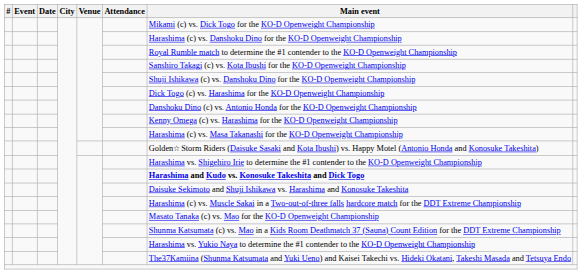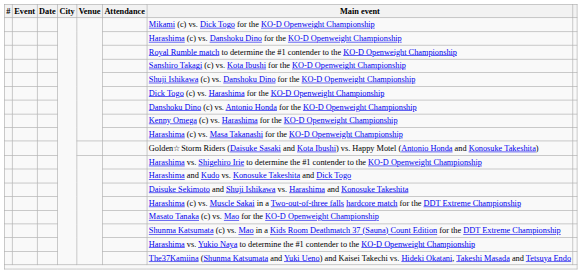 <table class="mw-datatable wikitable sortable succession-box" style="font-size:85%;">
 <tr>
 <th>#</th>
 <th>Event</th>
 <th>Date</th>
 <th>City</th>
 <th>Venue</th>
 <th>Attendance</th>
 <th class="unsortable">Main event</th>
 <th class="unsortable"></th>
 </tr>
 <tr>
 <td></td>
 <td style="white-space:nowrap;"></td>
 <td style="white-space:nowrap;"></td>
 <td style="white-space:nowrap;" rowspan=18></td>
 <td rowspan=9></td>
 <td></td>
 <td align="left"><a href='#'>Mikami</a> (c) vs. <a href='#'>Dick Togo</a> for the <a href='#'>KO-D Openweight Championship</a></td>
 <td></td>
 </tr>
 <tr>
 <td></td>
 <td></td>
 <td></td>
 <td></td>
 <td align="left"><a href='#'>Harashima</a> (c) vs. <a href='#'>Danshoku Dino</a> for the <a href='#'>KO-D Openweight Championship</a></td>
 <td></td>
 </tr>
 <tr>
 <td></td>
 <td></td>
 <td></td>
 <td></td>
 <td align="left"><a href='#'>Royal Rumble match</a> to determine the #1 contender to the <a href='#'>KO-D Openweight Championship</a></td>
 <td></td>
 </tr>
 <tr>
 <td></td>
 <td></td>
 <td></td>
 <td></td>
 <td align="left"><a href='#'>Sanshiro Takagi</a> (c) vs. <a href='#'>Kota Ibushi</a> for the <a href='#'>KO-D Openweight Championship</a></td>
 <td></td>
 </tr>
 <tr>
 <td></td>
 <td></td>
 <td></td>
 <td></td>
 <td align="left"><a href='#'>Shuji Ishikawa</a> (c) vs. <a href='#'>Danshoku Dino</a> for the <a href='#'>KO-D Openweight Championship</a></td>
 <td></td>
 </tr>
 <tr>
 <td></td>
 <td></td>
 <td></td>
 <td></td>
 <td align="left"><a href='#'>Dick Togo</a> (c) vs. <a href='#'>Harashima</a> for the <a href='#'>KO-D Openweight Championship</a></td>
 <td></td>
 </tr>
 <tr>
 <td></td>
 <td></td>
 <td></td>
 <td></td>
 <td align="left"><a href='#'>Danshoku Dino</a> (c) vs. <a href='#'>Antonio Honda</a> for the <a href='#'>KO-D Openweight Championship</a></td>
 <td></td>
 </tr>
 <tr>
 <td></td>
 <td></td>
 <td></td>
 <td></td>
 <td align="left"><a href='#'>Kenny Omega</a> (c) vs. <a href='#'>Harashima</a> for the <a href='#'>KO-D Openweight Championship</a></td>
 <td></td>
 </tr>
 <tr>
 <td></td>
 <td></td>
 <td></td>
 <td></td>
 <td align="left"><a href='#'>Harashima</a> (c) vs. <a href='#'>Masa Takanashi</a> for the <a href='#'>KO-D Openweight Championship</a></td>
 <td></td>
 </tr>
 <tr>
 <td></td>
 <td></td>
 <td></td>
 <td style="white-space:nowrap;"></td>
 <td></td>
 <td align="left">Golden☆Storm Riders (<a href='#'>Daisuke Sasaki</a> and <a href='#'>Kota Ibushi</a>) vs. Happy Motel (<a href='#'>Antonio Honda</a> and <a href='#'>Konosuke Takeshita</a>)</td>
 <td></td>
 </tr>
 <tr>
 <td></td>
 <td></td>
 <td></td>
 <td rowspan=8></td>
 <td></td>
 <td align="left"><a href='#'>Harashima</a> vs. <a href='#'>Shigehiro Irie</a> to determine the #1 contender to the <a href='#'>KO-D Openweight Championship</a></td>
 <td></td>
 </tr>
 <tr>
 <td></td>
 <td></td>
 <td></td>
 <td></td>
-<td align="left"><strong><a href='#'>Harashima</a> and <a href='#'>Kudo</a> vs. <a href='#'>Konosuke Takeshita</a> and <a href='#'>Dick Togo</a></strong></td>
+<td align="left"><a href='#'>Harashima</a> and <a href='#'>Kudo</a> vs. <a href='#'>Konosuke Takeshita</a> and <a href='#'>Dick Togo</a></td>
 <td></td>
 </tr>
 <tr>
 <td></td>
 <td></td>
 <td></td>
 <td></td>
 <td align="left"><a href='#'>Daisuke Sekimoto</a> and <a href='#'>Shuji Ishikawa</a> vs. <a href='#'>Harashima</a> and <a href='#'>Konosuke Takeshita</a></td>
 <td></td>
 </tr>
 <tr>
 <td></td>
 <td></td>
 <td></td>
 <td></td>
 <td align="left"><a href='#'>Harashima</a> (c) vs. <a href='#'>Muscle Sakai</a> in a <a href='#'>Two-out-of-three falls</a> <a href='#'>hardcore match</a> for the <a href='#'>DDT Extreme Championship</a></td>
 <td></td>
 </tr>
 <tr>
 <td></td>
 <td></td>
 <td></td>
 <td></td>
 <td align="left"><a href='#'>Masato Tanaka</a> (c) vs. <a href='#'>Mao</a> for the <a href='#'>KO-D Openweight Championship</a></td>
 <td></td>
 </tr>
 <tr>
 <td></td>
 <td></td>
 <td></td>
 <td></td>
 <td align="left"><a href='#'>Shunma Katsumata</a> (c) vs. <a href='#'>Mao</a> in a <a href='#'>Kids Room Deathmatch 37 (Sauna) Count Edition</a> for the <a href='#'>DDT Extreme Championship</a></td>
 <td></td>
 </tr>
 <tr>
 <td></td>
 <td></td>
 <td></td>
 <td></td>
 <td align="left"><a href='#'>Harashima</a> vs. <a href='#'>Yukio Naya</a> to determine the #1 contender to the <a href='#'>KO-D Openweight Championship</a></td>
 <td></td>
 </tr>
 <tr>
 <td></td>
 <td></td>
 <td></td>
 <td></td>
 <td align="left"><a href='#'>The37Kamiina</a> (<a href='#'>Shunma Katsumata</a> and <a href='#'>Yuki Ueno</a>) and Kaisei Takechi vs. <a href='#'>Hideki Okatani</a>, <a href='#'>Takeshi Masada</a> and <a href='#'>Tetsuya Endo</a></td>
 <td></td>
 </tr>
 <tr>
 <td colspan="8"></td>
 </tr>
 </table>
